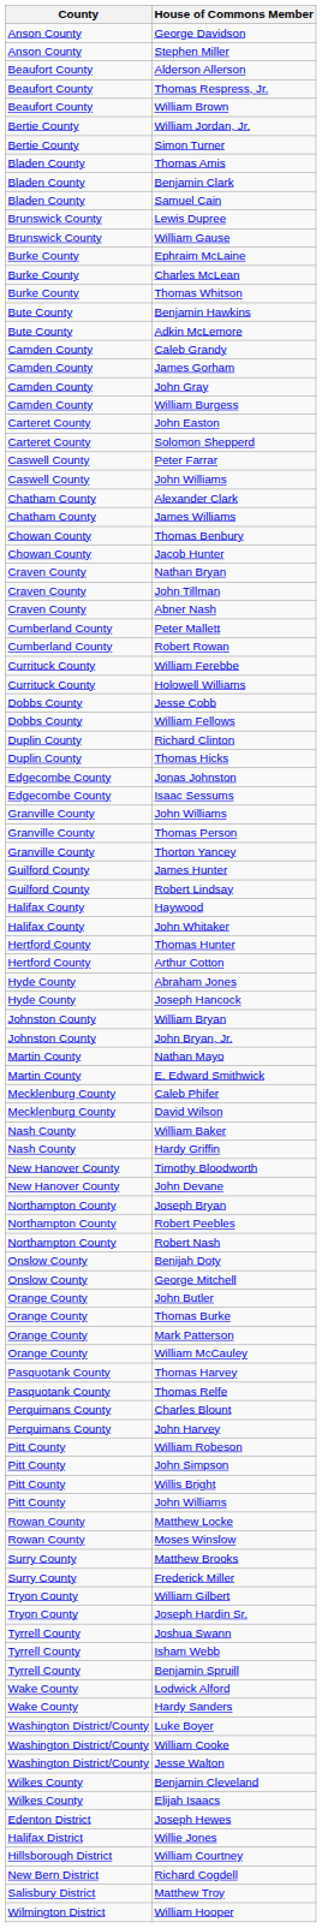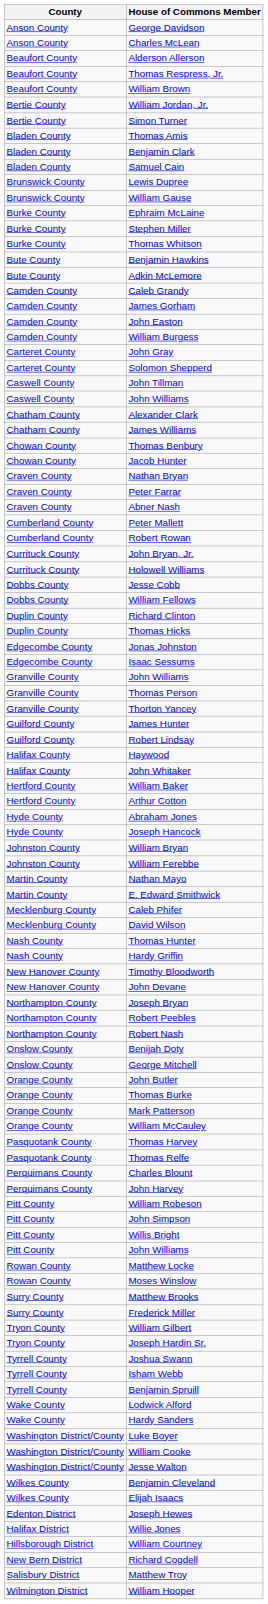 <table class="wikitable sortable">
 <tr>
 <th>County</th>
 <th>House of Commons Member</th>
 </tr>
 <tr>
 <td><a href='#'>Anson County</a></td>
 <td data-sort-value="Davidson, George"><a href='#'>George Davidson</a></td>
 </tr>
 <tr>
 <td><a href='#'>Anson County</a></td>
-<td data-sort-value="Miller, Stephen"><a href='#'>Stephen Miller</a></td>
+<td data-sort-value="McLean, Charles"><a href='#'>Charles McLean</a></td>
 </tr>
 <tr>
 <td><a href='#'>Beaufort County</a></td>
 <td data-sort-value="Allerson, Alderson"><a href='#'>Alderson Allerson</a></td>
 </tr>
 <tr>
 <td><a href='#'>Beaufort County</a></td>
 <td data-sort-value="Respress, Thomas"><a href='#'>Thomas Respress, Jr.</a></td>
 </tr>
 <tr>
 <td><a href='#'>Beaufort County</a></td>
 <td data-sort-value="Brown, William"><a href='#'>William Brown</a></td>
 </tr>
 <tr>
 <td><a href='#'>Bertie County</a></td>
 <td data-sort-value="Jordan, William"><a href='#'>William Jordan, Jr.</a></td>
 </tr>
 <tr>
 <td><a href='#'>Bertie County</a></td>
 <td data-sort-value="Turner, Simon"><a href='#'>Simon Turner</a></td>
 </tr>
 <tr>
 <td><a href='#'>Bladen County</a></td>
 <td data-sort-value="Amis, Thomas"><a href='#'>Thomas Amis</a></td>
 </tr>
 <tr>
 <td><a href='#'>Bladen County</a></td>
 <td data-sort-value="Clark, Benjamin"><a href='#'>Benjamin Clark</a></td>
 </tr>
 <tr>
 <td><a href='#'>Bladen County</a></td>
 <td data-sort-value="Cain, Samuel"><a href='#'>Samuel Cain</a></td>
 </tr>
 <tr>
 <td><a href='#'>Brunswick County</a></td>
 <td data-sort-value="Dupree, Lewis"><a href='#'>Lewis Dupree</a></td>
 </tr>
 <tr>
 <td><a href='#'>Brunswick County</a></td>
 <td data-sort-value="Gause, William"><a href='#'>William Gause</a></td>
 </tr>
 <tr>
 <td><a href='#'>Burke County</a></td>
 <td data-sort-value="McLaine, Ephraim"><a href='#'>Ephraim McLaine</a></td>
 </tr>
 <tr>
 <td><a href='#'>Burke County</a></td>
-<td data-sort-value="McLean, Charles"><a href='#'>Charles McLean</a></td>
+<td data-sort-value="Miller, Stephen"><a href='#'>Stephen Miller</a></td>
 </tr>
 <tr>
 <td><a href='#'>Burke County</a></td>
 <td data-sort-value="Whitson, Thomas"><a href='#'>Thomas Whitson</a></td>
 </tr>
 <tr>
 <td><a href='#'>Bute County</a></td>
 <td data-sort-value="Hawkins, Benjamin"><a href='#'>Benjamin Hawkins</a></td>
 </tr>
 <tr>
 <td><a href='#'>Bute County</a></td>
 <td data-sort-value="McLemore, Adkin"><a href='#'>Adkin McLemore</a></td>
 </tr>
 <tr>
 <td><a href='#'>Camden County</a></td>
 <td data-sort-value="Grady, Caleb"><a href='#'>Caleb Grandy</a></td>
 </tr>
 <tr>
 <td><a href='#'>Camden County</a></td>
 <td data-sort-value="Gorham, James"><a href='#'>James Gorham</a></td>
 </tr>
 <tr>
 <td><a href='#'>Camden County</a></td>
-<td data-sort-value="Gray, John"><a href='#'>John Gray</a></td>
+<td data-sort-value="Easton, John"><a href='#'>John Easton</a></td>
 </tr>
 <tr>
 <td><a href='#'>Camden County</a></td>
 <td data-sort-value="Burgess, William"><a href='#'>William Burgess</a></td>
 </tr>
 <tr>
 <td><a href='#'>Carteret County</a></td>
-<td data-sort-value="Easton, John"><a href='#'>John Easton</a></td>
+<td data-sort-value="Gray, John"><a href='#'>John Gray</a></td>
 </tr>
 <tr>
 <td><a href='#'>Carteret County</a></td>
 <td data-sort-value="Shepperd, Solomon"><a href='#'>Solomon Shepperd</a></td>
 </tr>
 <tr>
 <td><a href='#'>Caswell County</a></td>
-<td data-sort-value="Farrar, Peter"><a href='#'>Peter Farrar</a></td>
+<td data-sort-value="Tillman, John"><a href='#'>John Tillman</a></td>
 </tr>
 <tr>
 <td><a href='#'>Caswell County</a></td>
 <td data-sort-value="Williams, John"><a href='#'>John Williams</a></td>
 </tr>
 <tr>
 <td><a href='#'>Chatham County</a></td>
 <td data-sort-value="Clark, Alexander"><a href='#'>Alexander Clark</a></td>
 </tr>
 <tr>
 <td><a href='#'>Chatham County</a></td>
 <td data-sort-value="William, James"><a href='#'>James Williams</a></td>
 </tr>
 <tr>
 <td><a href='#'>Chowan County</a></td>
 <td data-sort-value="Benbury, Thomas"><a href='#'>Thomas Benbury</a></td>
 </tr>
 <tr>
 <td><a href='#'>Chowan County</a></td>
 <td data-sort-value="Hunter, Jacob"><a href='#'>Jacob Hunter</a></td>
 </tr>
 <tr>
 <td><a href='#'>Craven County</a></td>
 <td data-sort-value="Bryan, Nathan"><a href='#'>Nathan Bryan</a></td>
 </tr>
 <tr>
 <td><a href='#'>Craven County</a></td>
-<td data-sort-value="Tillman, John"><a href='#'>John Tillman</a></td>
+<td data-sort-value="Farrar, Peter"><a href='#'>Peter Farrar</a></td>
 </tr>
 <tr>
 <td><a href='#'>Craven County</a></td>
 <td data-sort-value="Nash, Abner"><a href='#'>Abner Nash</a></td>
 </tr>
 <tr>
 <td><a href='#'>Cumberland County</a></td>
 <td data-sort-value="Mallett, Peter"><a href='#'>Peter Mallett</a></td>
 </tr>
 <tr>
 <td><a href='#'>Cumberland County</a></td>
 <td data-sort-value="Rowan, Robert"><a href='#'>Robert Rowan</a></td>
 </tr>
 <tr>
 <td><a href='#'>Currituck County</a></td>
-<td data-sort-value="Ferebbe, William"><a href='#'>William Ferebbe</a></td>
+<td data-sort-value="Bryan, John"><a href='#'>John Bryan, Jr.</a></td>
 </tr>
 <tr>
 <td><a href='#'>Currituck County</a></td>
 <td data-sort-value="Williams, Holowell"><a href='#'>Holowell Williams</a></td>
 </tr>
 <tr>
 <td><a href='#'>Dobbs County</a></td>
 <td data-sort-value="Cobb, Jesse"><a href='#'>Jesse Cobb</a></td>
 </tr>
 <tr>
 <td><a href='#'>Dobbs County</a></td>
 <td data-sort-value="Fellows, William"><a href='#'>William Fellows</a></td>
 </tr>
 <tr>
 <td><a href='#'>Duplin County</a></td>
 <td data-sort-value="Cllinton, Richard"><a href='#'>Richard Clinton</a></td>
 </tr>
 <tr>
 <td><a href='#'>Duplin County</a></td>
 <td data-sort-value="Hicks, Thomas"><a href='#'>Thomas Hicks</a></td>
 </tr>
 <tr>
 <td><a href='#'>Edgecombe County</a></td>
 <td data-sort-value="Johnston, Jonas"><a href='#'>Jonas Johnston</a></td>
 </tr>
 <tr>
 <td><a href='#'>Edgecombe County</a></td>
 <td data-sort-value="Sessums, Isaac"><a href='#'>Isaac Sessums</a></td>
 </tr>
 <tr>
 <td><a href='#'>Granville County</a></td>
 <td data-sort-value="Williams, John"><a href='#'>John Williams</a></td>
 </tr>
 <tr>
 <td><a href='#'>Granville County</a></td>
 <td data-sort-value="Person, Thomas"><a href='#'>Thomas Person</a></td>
 </tr>
 <tr>
 <td><a href='#'>Granville County</a></td>
 <td data-sort-value="Yancey, Thorton"><a href='#'>Thorton Yancey</a></td>
 </tr>
 <tr>
 <td><a href='#'>Guilford County</a></td>
 <td data-sort-value="Hunter, James"><a href='#'>James Hunter</a></td>
 </tr>
 <tr>
 <td><a href='#'>Guilford County</a></td>
 <td data-sort-value="Lindsay, Robert"><a href='#'>Robert Lindsay</a></td>
 </tr>
 <tr>
 <td><a href='#'>Halifax County</a></td>
 <td data-sort-value="Haywood, Egbert"><a href='#'>Haywood</a></td>
 </tr>
 <tr>
 <td><a href='#'>Halifax County</a></td>
 <td data-sort-value="Whitaker, John"><a href='#'>John Whitaker</a></td>
 </tr>
 <tr>
 <td><a href='#'>Hertford County</a></td>
-<td data-sort-value="Hunter, Thomas"><a href='#'>Thomas Hunter</a></td>
+<td data-sort-value="Baker, William"><a href='#'>William Baker</a></td>
 </tr>
 <tr>
 <td><a href='#'>Hertford County</a></td>
 <td data-sort-value="Cotton, Arthur"><a href='#'>Arthur Cotton</a></td>
 </tr>
 <tr>
 <td><a href='#'>Hyde County</a></td>
 <td data-sort-value="Jones, Abraham"><a href='#'>Abraham Jones</a></td>
 </tr>
 <tr>
 <td><a href='#'>Hyde County</a></td>
 <td data-sort-value="Hancock, Joseph"><a href='#'>Joseph Hancock</a></td>
 </tr>
 <tr>
 <td><a href='#'>Johnston County</a></td>
 <td data-sort-value="Bryan, William"><a href='#'>William Bryan</a></td>
 </tr>
 <tr>
 <td><a href='#'>Johnston County</a></td>
-<td data-sort-value="Bryan, John"><a href='#'>John Bryan, Jr.</a></td>
+<td data-sort-value="Ferebbe, William"><a href='#'>William Ferebbe</a></td>
 </tr>
 <tr>
 <td><a href='#'>Martin County</a></td>
 <td data-sort-value="Mayo, Nathan"><a href='#'>Nathan Mayo</a></td>
 </tr>
 <tr>
 <td><a href='#'>Martin County</a></td>
 <td data-sort-value="Smithwick, E. Edward"><a href='#'>E. Edward Smithwick</a></td>
 </tr>
 <tr>
 <td><a href='#'>Mecklenburg County</a></td>
 <td data-sort-value="Phifer, Caleb"><a href='#'>Caleb Phifer</a></td>
 </tr>
 <tr>
 <td><a href='#'>Mecklenburg County</a></td>
 <td data-sort-value="Wilson, David"><a href='#'>David Wilson</a></td>
 </tr>
 <tr>
 <td><a href='#'>Nash County</a></td>
-<td data-sort-value="Baker, William"><a href='#'>William Baker</a></td>
+<td data-sort-value="Hunter, Thomas"><a href='#'>Thomas Hunter</a></td>
 </tr>
 <tr>
 <td><a href='#'>Nash County</a></td>
 <td data-sort-value="Griffin, Hardy"><a href='#'>Hardy Griffin</a></td>
 </tr>
 <tr>
 <td><a href='#'>New Hanover County</a></td>
 <td data-sort-value="Bloodworth, Timothy"><a href='#'>Timothy Bloodworth</a></td>
 </tr>
 <tr>
 <td><a href='#'>New Hanover County</a></td>
 <td data-sort-value="Devane, John"><a href='#'>John Devane</a></td>
 </tr>
 <tr>
 <td><a href='#'>Northampton County</a></td>
 <td data-sort-value="Bryan, Joseph"><a href='#'>Joseph Bryan</a></td>
 </tr>
 <tr>
 <td><a href='#'>Northampton County</a></td>
 <td data-sort-value="Peebles, Robert"><a href='#'>Robert Peebles</a></td>
 </tr>
 <tr>
 <td><a href='#'>Northampton County</a></td>
 <td data-sort-value="Nash, Robert"><a href='#'>Robert Nash</a></td>
 </tr>
 <tr>
 <td><a href='#'>Onslow County</a></td>
 <td data-sort-value="Doty, Benijah"><a href='#'>Benijah Doty</a></td>
 </tr>
 <tr>
 <td><a href='#'>Onslow County</a></td>
 <td data-sort-value="Mitchell, George"><a href='#'>George Mitchell</a></td>
 </tr>
 <tr>
 <td><a href='#'>Orange County</a></td>
 <td data-sort-value="Butler, John"><a href='#'>John Butler</a></td>
 </tr>
 <tr>
 <td><a href='#'>Orange County</a></td>
 <td data-sort-value="Burke, Thomas"><a href='#'>Thomas Burke</a></td>
 </tr>
 <tr>
 <td><a href='#'>Orange County</a></td>
 <td data-sort-value="Patterson, Mark"><a href='#'>Mark Patterson</a></td>
 </tr>
 <tr>
 <td><a href='#'>Orange County</a></td>
 <td data-sort-value="McCauley, William"><a href='#'>William McCauley</a></td>
 </tr>
 <tr>
 <td><a href='#'>Pasquotank County</a></td>
 <td data-sort-value="Harvey, Thomas"><a href='#'>Thomas Harvey</a></td>
 </tr>
 <tr>
 <td><a href='#'>Pasquotank County</a></td>
 <td data-sort-value="Relfe, Thomas"><a href='#'>Thomas Relfe</a></td>
 </tr>
 <tr>
 <td><a href='#'>Perquimans County</a></td>
 <td data-sort-value="Blount, Charles"><a href='#'>Charles Blount</a></td>
 </tr>
 <tr>
 <td><a href='#'>Perquimans County</a></td>
 <td data-sort-value="Harvey, John"><a href='#'>John Harvey</a></td>
 </tr>
 <tr>
 <td><a href='#'>Pitt County</a></td>
 <td data-sort-value="Robeson, William"><a href='#'>William Robeson</a></td>
 </tr>
 <tr>
 <td><a href='#'>Pitt County</a></td>
 <td data-sort-value="Simpson, John"><a href='#'>John Simpson</a></td>
 </tr>
 <tr>
 <td><a href='#'>Pitt County</a></td>
 <td data-sort-value="Bright, Willis"><a href='#'>Willis Bright</a></td>
 </tr>
 <tr>
 <td><a href='#'>Pitt County</a></td>
 <td data-sort-value="Williams, John"><a href='#'>John Williams</a></td>
 </tr>
 <tr>
 <td><a href='#'>Rowan County</a></td>
 <td data-sort-value="Locke, Matthew"><a href='#'>Matthew Locke</a></td>
 </tr>
 <tr>
 <td><a href='#'>Rowan County</a></td>
 <td data-sort-value="Winslow, Moses"><a href='#'>Moses Winslow</a></td>
 </tr>
 <tr>
 <td><a href='#'>Surry County</a></td>
 <td data-sort-value="Brooks, Matthew"><a href='#'>Matthew Brooks</a></td>
 </tr>
 <tr>
 <td><a href='#'>Surry County</a></td>
 <td data-sort-value="Miller, Frederick"><a href='#'>Frederick Miller</a></td>
 </tr>
 <tr>
 <td><a href='#'>Tryon County</a></td>
 <td data-sort-value="Gilbert, William"><a href='#'>William Gilbert</a></td>
 </tr>
 <tr>
 <td><a href='#'>Tryon County</a></td>
 <td data-sort-value="Hardin, Joseph, Sr."><a href='#'>Joseph Hardin Sr.</a></td>
 </tr>
 <tr>
 <td><a href='#'>Tyrrell County</a></td>
 <td data-sort-value="Swann, Joshua"><a href='#'>Joshua Swann</a></td>
 </tr>
 <tr>
 <td><a href='#'>Tyrrell County</a></td>
 <td data-sort-value="Webb, Isham"><a href='#'>Isham Webb</a></td>
 </tr>
 <tr>
 <td><a href='#'>Tyrrell County</a></td>
 <td data-sort-value="Spruill, Benjamin"><a href='#'>Benjamin Spruill</a></td>
 </tr>
 <tr>
 <td><a href='#'>Wake County</a></td>
 <td data-sort-value="Alford, Lodwick"><a href='#'>Lodwick Alford</a></td>
 </tr>
 <tr>
 <td><a href='#'>Wake County</a></td>
 <td data-sort-value="Sanders, Hardy"><a href='#'>Hardy Sanders</a></td>
 </tr>
 <tr>
 <td><a href='#'>Washington District/County</a></td>
 <td data-sort-value="Boyer, Luke"><a href='#'>Luke Boyer</a></td>
 </tr>
 <tr>
 <td><a href='#'>Washington District/County</a></td>
 <td data-sort-value="Cooke, William"><a href='#'>William Cooke</a></td>
 </tr>
 <tr>
 <td><a href='#'>Washington District/County</a></td>
 <td data-sort-value="Walton, Jesse"><a href='#'>Jesse Walton</a></td>
 </tr>
 <tr>
 <td><a href='#'>Wilkes County</a></td>
 <td data-sort-value="Cleveland, Benjamin"><a href='#'>Benjamin Cleveland</a></td>
 </tr>
 <tr>
 <td><a href='#'>Wilkes County</a></td>
 <td data-sort-value="Isaacs, Elijah"><a href='#'>Elijah Isaacs</a></td>
 </tr>
 <tr>
 <td><a href='#'>Edenton District</a></td>
 <td data-sort-value="Hewes, Joseph"><a href='#'>Joseph Hewes</a></td>
 </tr>
 <tr>
 <td><a href='#'>Halifax District</a></td>
 <td data-sort-value="Jones, Willie"><a href='#'>Willie Jones</a></td>
 </tr>
 <tr>
 <td><a href='#'>Hillsborough District</a></td>
 <td data-sort-value="Courtney, William"><a href='#'>William Courtney</a></td>
 </tr>
 <tr>
 <td><a href='#'>New Bern District</a></td>
 <td data-sort-value="Cogdell, Richard"><a href='#'>Richard Cogdell</a></td>
 </tr>
 <tr>
 <td><a href='#'>Salisbury District</a></td>
 <td data-sort-value="Troy, Matthew"><a href='#'>Matthew Troy</a></td>
 </tr>
 <tr>
 <td><a href='#'>Wilmington District</a></td>
 <td data-sort-value="Hooper, William"><a href='#'>William Hooper</a></td>
 </tr>
 </table>
